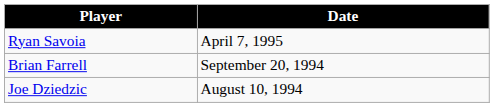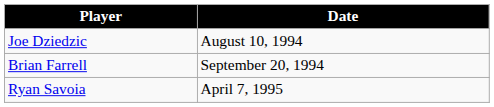 <table class="wikitable" style="width:40%;">
 <tr style="text-align:center; background:#ddd;">
 <th style="color:white; background:#000000; ">Player</th>
 <th style="color:white; background:#000000; ">Date</th>
 </tr>
 <tr>
-<td><a href='#'>Ryan Savoia</a></td>
-<td>April 7, 1995</td>
+<td><a href='#'>Joe Dziedzic</a></td>
+<td>August 10, 1994</td>
 </tr>
 <tr>
 <td><a href='#'>Brian Farrell</a></td>
 <td>September 20, 1994</td>
 </tr>
 <tr>
-<td><a href='#'>Joe Dziedzic</a></td>
-<td>August 10, 1994</td>
+<td><a href='#'>Ryan Savoia</a></td>
+<td>April 7, 1995</td>
 </tr>
 </table>
